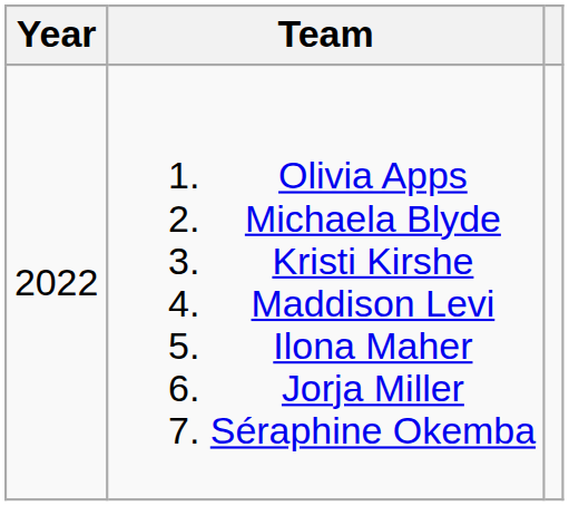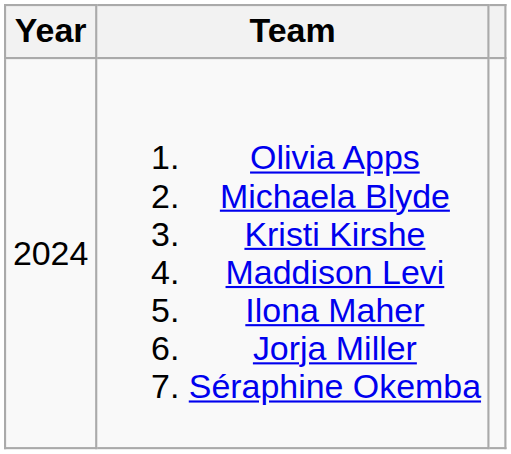 <table class="wikitable" style="text-align: center;">
 <tr>
 <th>Year</th>
 <th>Team</th>
 <th></th>
 </tr>
 <tr>
-<td>2022</td>
+<td>2024</td>
 <td><br><ol><li><a href='#'>Olivia Apps</a> </li><li><a href='#'>Michaela Blyde</a> </li><li><a href='#'>Kristi Kirshe</a> </li><li><a href='#'>Maddison Levi</a> </li><li><a href='#'>Ilona Maher</a> </li><li><a href='#'>Jorja Miller</a> </li><li><a href='#'>Séraphine Okemba</a> </li></ol></td>
 <td></td>
 </tr>
 </table>
